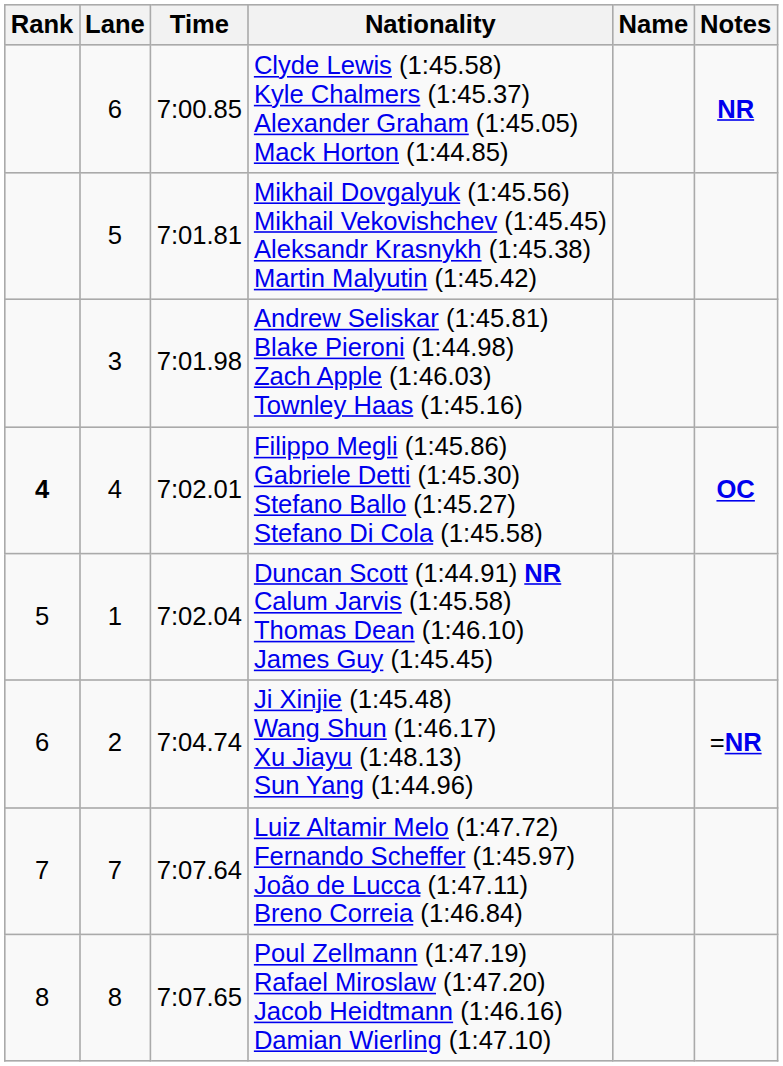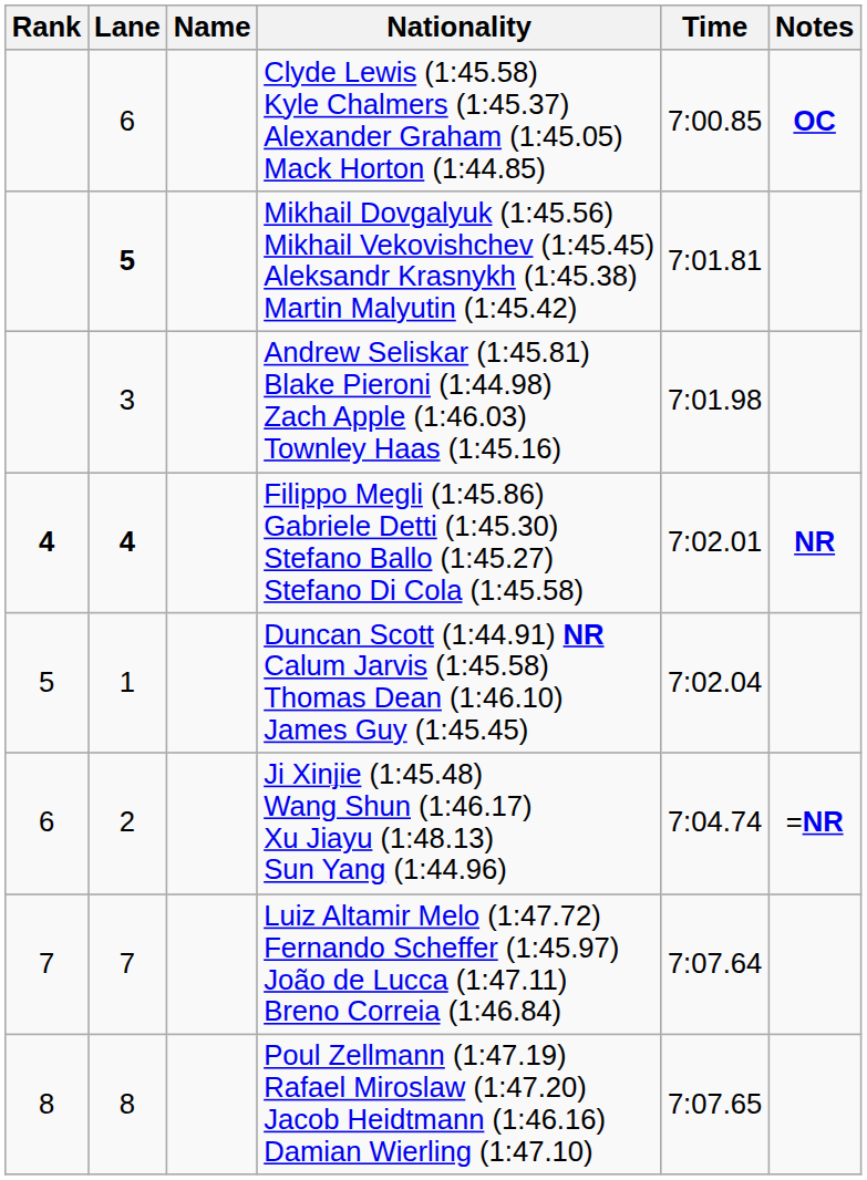 <table class="wikitable sortable" style="text-align:center">
 <tr>
 <th>Rank</th>
 <th>Lane</th>
+<th>Name</th>
+<th>Nationality</th>
 <th>Time</th>
-<th>Nationality</th>
-<th>Name</th>
 <th>Notes</th>
 </tr>
 <tr>
 <td></td>
 <td>6</td>
+<td align=left></td>
+<td align=left><a href='#'>Clyde Lewis</a> (1:45.58)<br><a href='#'>Kyle Chalmers</a> (1:45.37)<br><a href='#'>Alexander Graham</a> (1:45.05)<br><a href='#'>Mack Horton</a> (1:44.85)</td>
 <td>7:00.85</td>
-<td align=left><a href='#'>Clyde Lewis</a> (1:45.58)<br><a href='#'>Kyle Chalmers</a> (1:45.37)<br><a href='#'>Alexander Graham</a> (1:45.05)<br><a href='#'>Mack Horton</a> (1:44.85)</td>
-<td align=left></td>
-<td><strong><a href='#'>NR</a></strong></td>
+<td><strong><a href='#'>OC</a></strong></td>
 </tr>
 <tr>
 <td></td>
-<td>5</td>
+<td><strong>5</strong></td>
+<td align=left></td>
+<td align=left><a href='#'>Mikhail Dovgalyuk</a> (1:45.56)<br><a href='#'>Mikhail Vekovishchev</a> (1:45.45)<br><a href='#'>Aleksandr Krasnykh</a> (1:45.38)<br><a href='#'>Martin Malyutin</a> (1:45.42)</td>
 <td>7:01.81</td>
-<td align=left><a href='#'>Mikhail Dovgalyuk</a> (1:45.56)<br><a href='#'>Mikhail Vekovishchev</a> (1:45.45)<br><a href='#'>Aleksandr Krasnykh</a> (1:45.38)<br><a href='#'>Martin Malyutin</a> (1:45.42)</td>
-<td align=left></td>
 <td></td>
 </tr>
 <tr>
 <td></td>
 <td>3</td>
+<td align=left></td>
+<td align=left><a href='#'>Andrew Seliskar</a> (1:45.81)<br><a href='#'>Blake Pieroni</a> (1:44.98)<br><a href='#'>Zach Apple</a> (1:46.03)<br><a href='#'>Townley Haas</a> (1:45.16)</td>
 <td>7:01.98</td>
-<td align=left><a href='#'>Andrew Seliskar</a> (1:45.81)<br><a href='#'>Blake Pieroni</a> (1:44.98)<br><a href='#'>Zach Apple</a> (1:46.03)<br><a href='#'>Townley Haas</a> (1:45.16)</td>
-<td align=left></td>
 <td></td>
 </tr>
 <tr>
 <td><strong>4</strong></td>
-<td>4</td>
+<td><strong>4</strong></td>
+<td align=left></td>
+<td align=left><a href='#'>Filippo Megli</a> (1:45.86)<br><a href='#'>Gabriele Detti</a> (1:45.30)<br><a href='#'>Stefano Ballo</a> (1:45.27)<br><a href='#'>Stefano Di Cola</a> (1:45.58)</td>
 <td>7:02.01</td>
-<td align=left><a href='#'>Filippo Megli</a> (1:45.86)<br><a href='#'>Gabriele Detti</a> (1:45.30)<br><a href='#'>Stefano Ballo</a> (1:45.27)<br><a href='#'>Stefano Di Cola</a> (1:45.58)</td>
-<td align=left></td>
-<td><strong><a href='#'>OC</a></strong></td>
+<td><strong><a href='#'>NR</a></strong></td>
 </tr>
 <tr>
 <td>5</td>
 <td>1</td>
+<td align=left></td>
+<td align=left><a href='#'>Duncan Scott</a> (1:44.91) <strong><a href='#'>NR</a></strong><br><a href='#'>Calum Jarvis</a> (1:45.58)<br><a href='#'>Thomas Dean</a> (1:46.10)<br><a href='#'>James Guy</a> (1:45.45)</td>
 <td>7:02.04</td>
-<td align=left><a href='#'>Duncan Scott</a> (1:44.91) <strong><a href='#'>NR</a></strong><br><a href='#'>Calum Jarvis</a> (1:45.58)<br><a href='#'>Thomas Dean</a> (1:46.10)<br><a href='#'>James Guy</a> (1:45.45)</td>
-<td align=left></td>
 <td></td>
 </tr>
 <tr>
 <td>6</td>
 <td>2</td>
+<td align=left></td>
+<td align=left><a href='#'>Ji Xinjie</a> (1:45.48)<br><a href='#'>Wang Shun</a> (1:46.17)<br><a href='#'>Xu Jiayu</a> (1:48.13)<br><a href='#'>Sun Yang</a> (1:44.96)</td>
 <td>7:04.74</td>
-<td align=left><a href='#'>Ji Xinjie</a> (1:45.48)<br><a href='#'>Wang Shun</a> (1:46.17)<br><a href='#'>Xu Jiayu</a> (1:48.13)<br><a href='#'>Sun Yang</a> (1:44.96)</td>
-<td align=left></td>
 <td>=<strong><a href='#'>NR</a></strong></td>
 </tr>
 <tr>
 <td>7</td>
 <td>7</td>
+<td align=left></td>
+<td align=left><a href='#'>Luiz Altamir Melo</a> (1:47.72)<br><a href='#'>Fernando Scheffer</a> (1:45.97)<br><a href='#'>João de Lucca</a> (1:47.11)<br><a href='#'>Breno Correia</a> (1:46.84)</td>
 <td>7:07.64</td>
-<td align=left><a href='#'>Luiz Altamir Melo</a> (1:47.72)<br><a href='#'>Fernando Scheffer</a> (1:45.97)<br><a href='#'>João de Lucca</a> (1:47.11)<br><a href='#'>Breno Correia</a> (1:46.84)</td>
-<td align=left></td>
 <td></td>
 </tr>
 <tr>
 <td>8</td>
 <td>8</td>
+<td align=left></td>
+<td align=left><a href='#'>Poul Zellmann</a> (1:47.19)<br><a href='#'>Rafael Miroslaw</a> (1:47.20)<br><a href='#'>Jacob Heidtmann</a> (1:46.16)<br><a href='#'>Damian Wierling</a> (1:47.10)</td>
 <td>7:07.65</td>
-<td align=left><a href='#'>Poul Zellmann</a> (1:47.19)<br><a href='#'>Rafael Miroslaw</a> (1:47.20)<br><a href='#'>Jacob Heidtmann</a> (1:46.16)<br><a href='#'>Damian Wierling</a> (1:47.10)</td>
-<td align=left></td>
 <td></td>
 </tr>
 </table>
